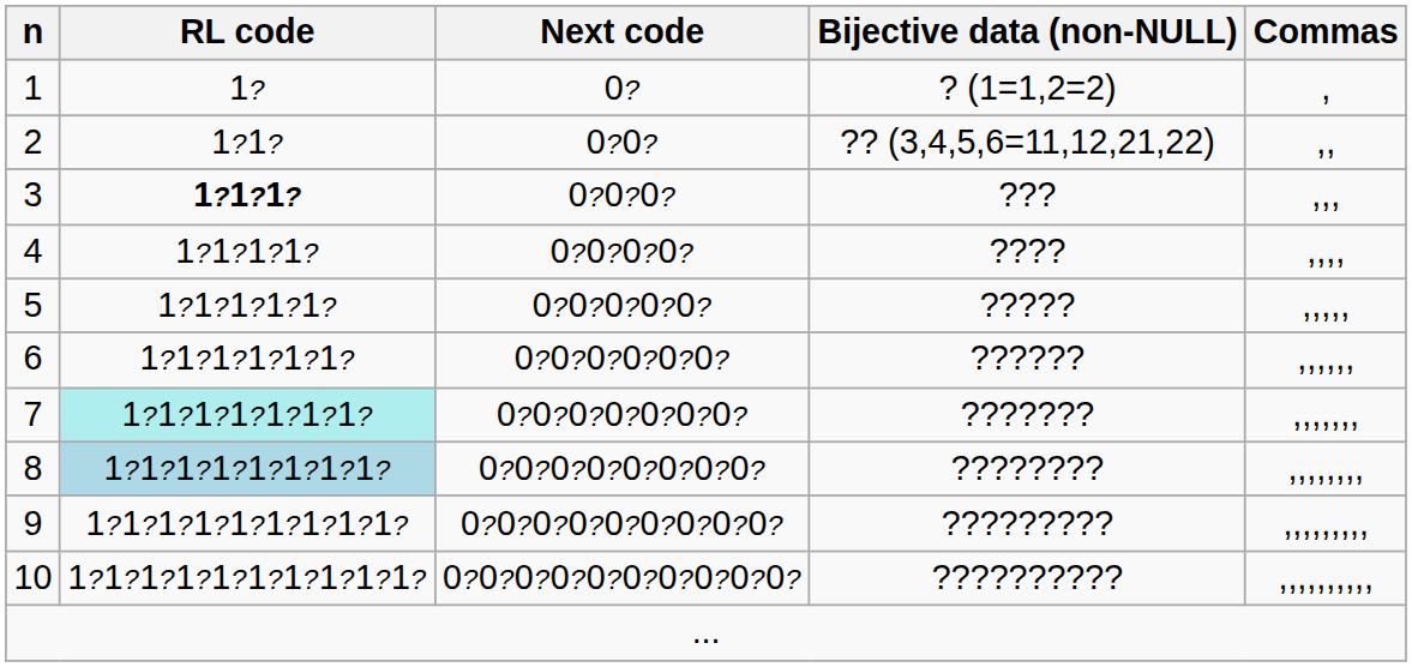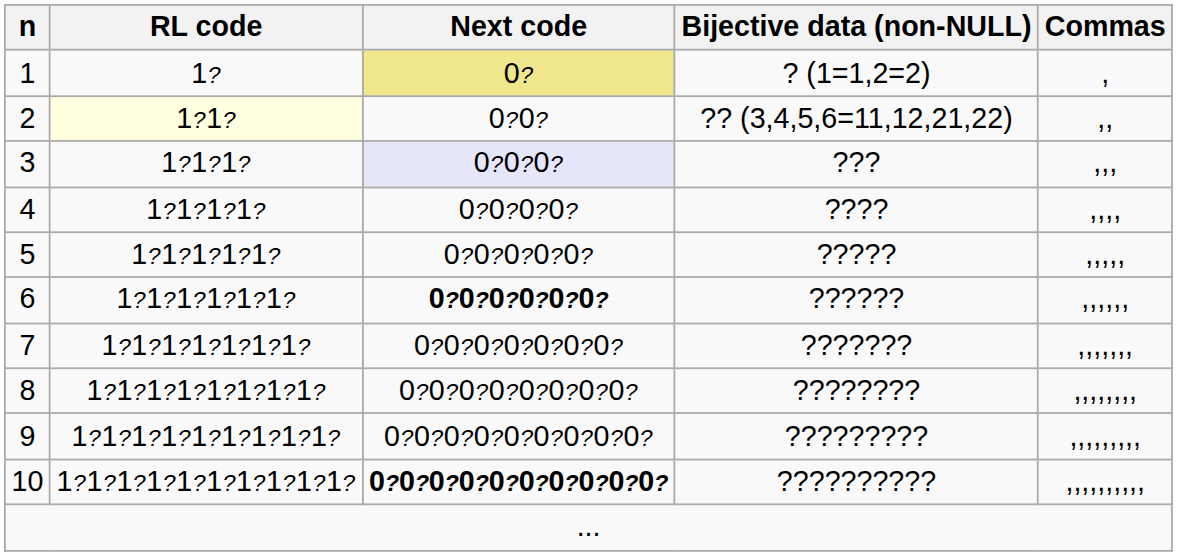 <table class="wikitable" style="text-align: center;">
 <tr>
 <th>n</th>
 <th>RL code</th>
 <th>Next code</th>
 <th>Bijective data (non-NULL)</th>
 <th>Commas</th>
 </tr>
 <tr>
 <td>1</td>
 <td>1<code><em>?</em></code></td>
-<td>0<code><em>?</em></code></td>
+<td style="background: khaki;">0<code><em>?</em></code></td>
 <td>? (1=1,2=2)</td>
 <td>,</td>
 </tr>
 <tr>
 <td>2</td>
-<td>1<code><em>?</em></code>1<code><em>?</em></code></td>
+<td style="background: lightyellow;">1<code><em>?</em></code>1<code><em>?</em></code></td>
 <td>0<code><em>?</em></code>0<code><em>?</em></code></td>
 <td>?? (3,4,5,6=11,12,21,22)</td>
 <td>,,</td>
 </tr>
 <tr>
 <td>3</td>
-<td><strong>1<code><em>?</em></code>1<code><em>?</em></code>1<code><em>?</em></code></strong></td>
-<td>0<code><em>?</em></code>0<code><em>?</em></code>0<code><em>?</em></code></td>
+<td>1<code><em>?</em></code>1<code><em>?</em></code>1<code><em>?</em></code></td>
+<td style="background: lavender;">0<code><em>?</em></code>0<code><em>?</em></code>0<code><em>?</em></code></td>
 <td>???</td>
 <td>,,,</td>
 </tr>
 <tr>
 <td>4</td>
 <td>1<code><em>?</em></code>1<code><em>?</em></code>1<code><em>?</em></code>1<code><em>?</em></code></td>
 <td>0<code><em>?</em></code>0<code><em>?</em></code>0<code><em>?</em></code>0<code><em>?</em></code></td>
 <td>????</td>
 <td>,,,,</td>
 </tr>
 <tr>
 <td>5</td>
 <td>1<code><em>?</em></code>1<code><em>?</em></code>1<code><em>?</em></code>1<code><em>?</em></code>1<code><em>?</em></code></td>
 <td>0<code><em>?</em></code>0<code><em>?</em></code>0<code><em>?</em></code>0<code><em>?</em></code>0<code><em>?</em></code></td>
 <td>?????</td>
 <td>,,,,,</td>
 </tr>
 <tr>
 <td>6</td>
 <td>1<code><em>?</em></code>1<code><em>?</em></code>1<code><em>?</em></code>1<code><em>?</em></code>1<code><em>?</em></code>1<code><em>?</em></code></td>
-<td>0<code><em>?</em></code>0<code><em>?</em></code>0<code><em>?</em></code>0<code><em>?</em></code>0<code><em>?</em></code>0<code><em>?</em></code></td>
+<td><strong>0<code><em>?</em></code>0<code><em>?</em></code>0<code><em>?</em></code>0<code><em>?</em></code>0<code><em>?</em></code>0<code><em>?</em></code></strong></td>
 <td>??????</td>
 <td>,,,,,,</td>
 </tr>
 <tr>
 <td>7</td>
-<td style="background: paleturquoise;">1<code><em>?</em></code>1<code><em>?</em></code>1<code><em>?</em></code>1<code><em>?</em></code>1<code><em>?</em></code>1<code><em>?</em></code>1<code><em>?</em></code></td>
+<td>1<code><em>?</em></code>1<code><em>?</em></code>1<code><em>?</em></code>1<code><em>?</em></code>1<code><em>?</em></code>1<code><em>?</em></code>1<code><em>?</em></code></td>
 <td>0<code><em>?</em></code>0<code><em>?</em></code>0<code><em>?</em></code>0<code><em>?</em></code>0<code><em>?</em></code>0<code><em>?</em></code>0<code><em>?</em></code></td>
 <td>???????</td>
 <td>,,,,,,,</td>
 </tr>
 <tr>
 <td>8</td>
-<td style="background: lightblue;">1<code><em>?</em></code>1<code><em>?</em></code>1<code><em>?</em></code>1<code><em>?</em></code>1<code><em>?</em></code>1<code><em>?</em></code>1<code><em>?</em></code>1<code><em>?</em></code></td>
+<td>1<code><em>?</em></code>1<code><em>?</em></code>1<code><em>?</em></code>1<code><em>?</em></code>1<code><em>?</em></code>1<code><em>?</em></code>1<code><em>?</em></code>1<code><em>?</em></code></td>
 <td>0<code><em>?</em></code>0<code><em>?</em></code>0<code><em>?</em></code>0<code><em>?</em></code>0<code><em>?</em></code>0<code><em>?</em></code>0<code><em>?</em></code>0<code><em>?</em></code></td>
 <td>????????</td>
 <td>,,,,,,,,</td>
 </tr>
 <tr>
 <td>9</td>
 <td>1<code><em>?</em></code>1<code><em>?</em></code>1<code><em>?</em></code>1<code><em>?</em></code>1<code><em>?</em></code>1<code><em>?</em></code>1<code><em>?</em></code>1<code><em>?</em></code>1<code><em>?</em></code></td>
 <td>0<code><em>?</em></code>0<code><em>?</em></code>0<code><em>?</em></code>0<code><em>?</em></code>0<code><em>?</em></code>0<code><em>?</em></code>0<code><em>?</em></code>0<code><em>?</em></code>0<code><em>?</em></code></td>
 <td>?????????</td>
 <td>,,,,,,,,,</td>
 </tr>
 <tr>
 <td>10</td>
 <td>1<code><em>?</em></code>1<code><em>?</em></code>1<code><em>?</em></code>1<code><em>?</em></code>1<code><em>?</em></code>1<code><em>?</em></code>1<code><em>?</em></code>1<code><em>?</em></code>1<code><em>?</em></code>1<code><em>?</em></code></td>
-<td>0<code><em>?</em></code>0<code><em>?</em></code>0<code><em>?</em></code>0<code><em>?</em></code>0<code><em>?</em></code>0<code><em>?</em></code>0<code><em>?</em></code>0<code><em>?</em></code>0<code><em>?</em></code>0<code><em>?</em></code></td>
+<td><strong>0<code><em>?</em></code>0<code><em>?</em></code>0<code><em>?</em></code>0<code><em>?</em></code>0<code><em>?</em></code>0<code><em>?</em></code>0<code><em>?</em></code>0<code><em>?</em></code>0<code><em>?</em></code>0<code><em>?</em></code></strong></td>
 <td>??????????</td>
 <td>,,,,,,,,,,</td>
 </tr>
 <tr>
 <td colspan="5">...</td>
 </tr>
 </table>
